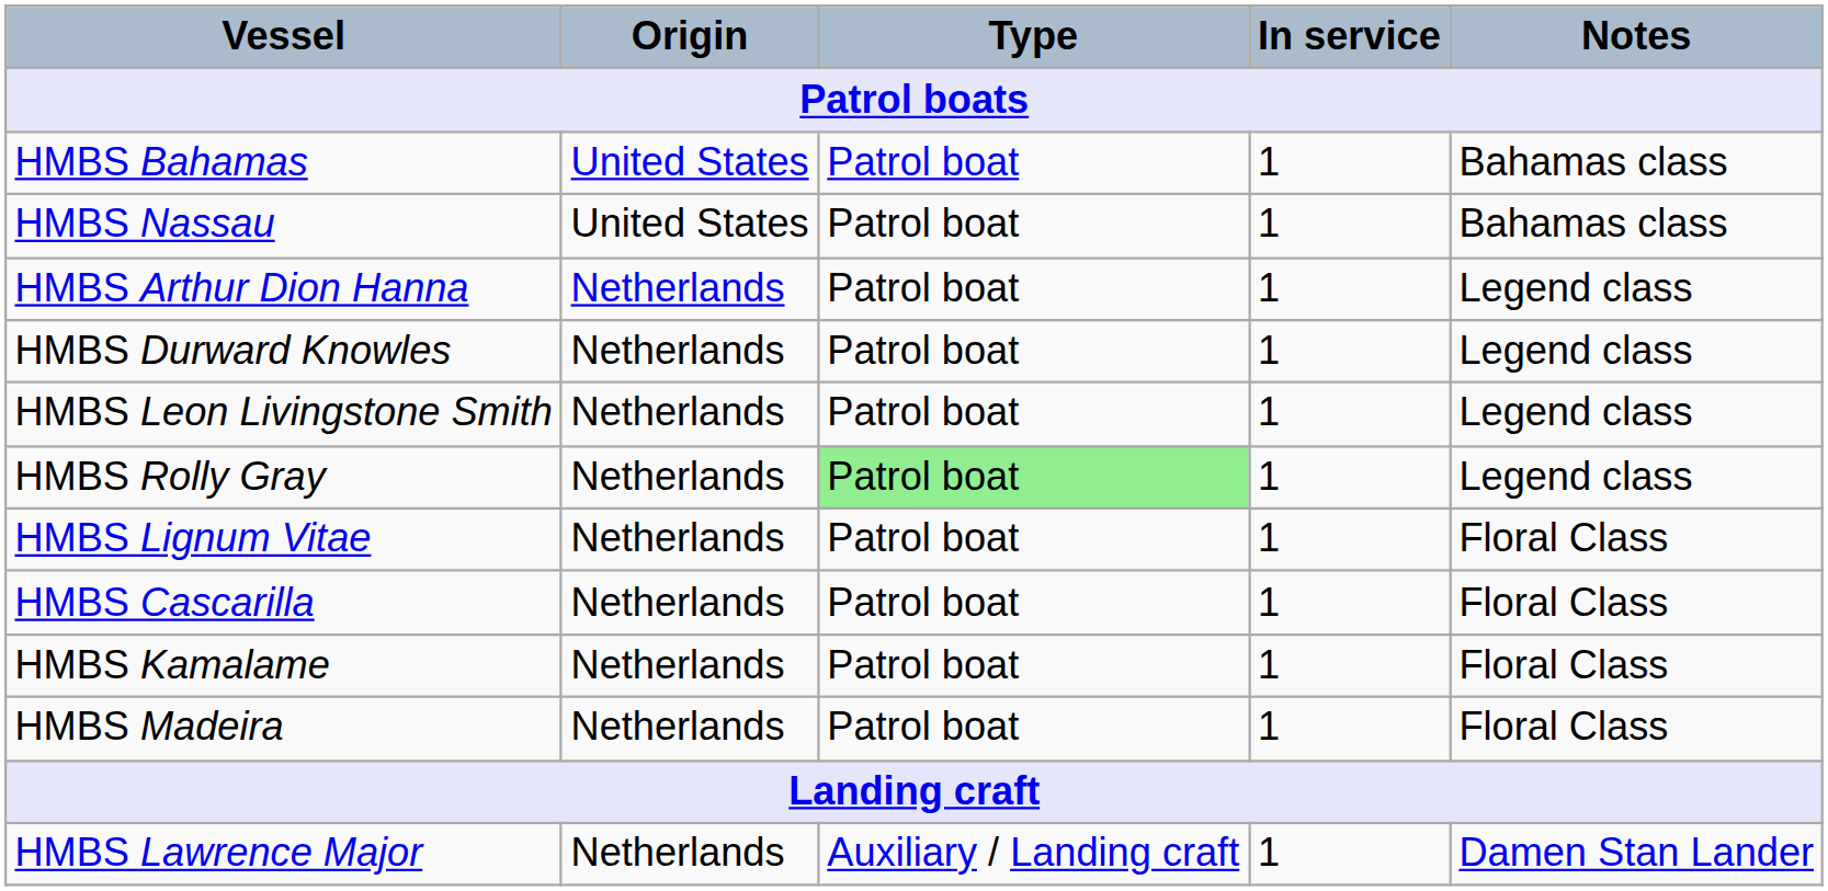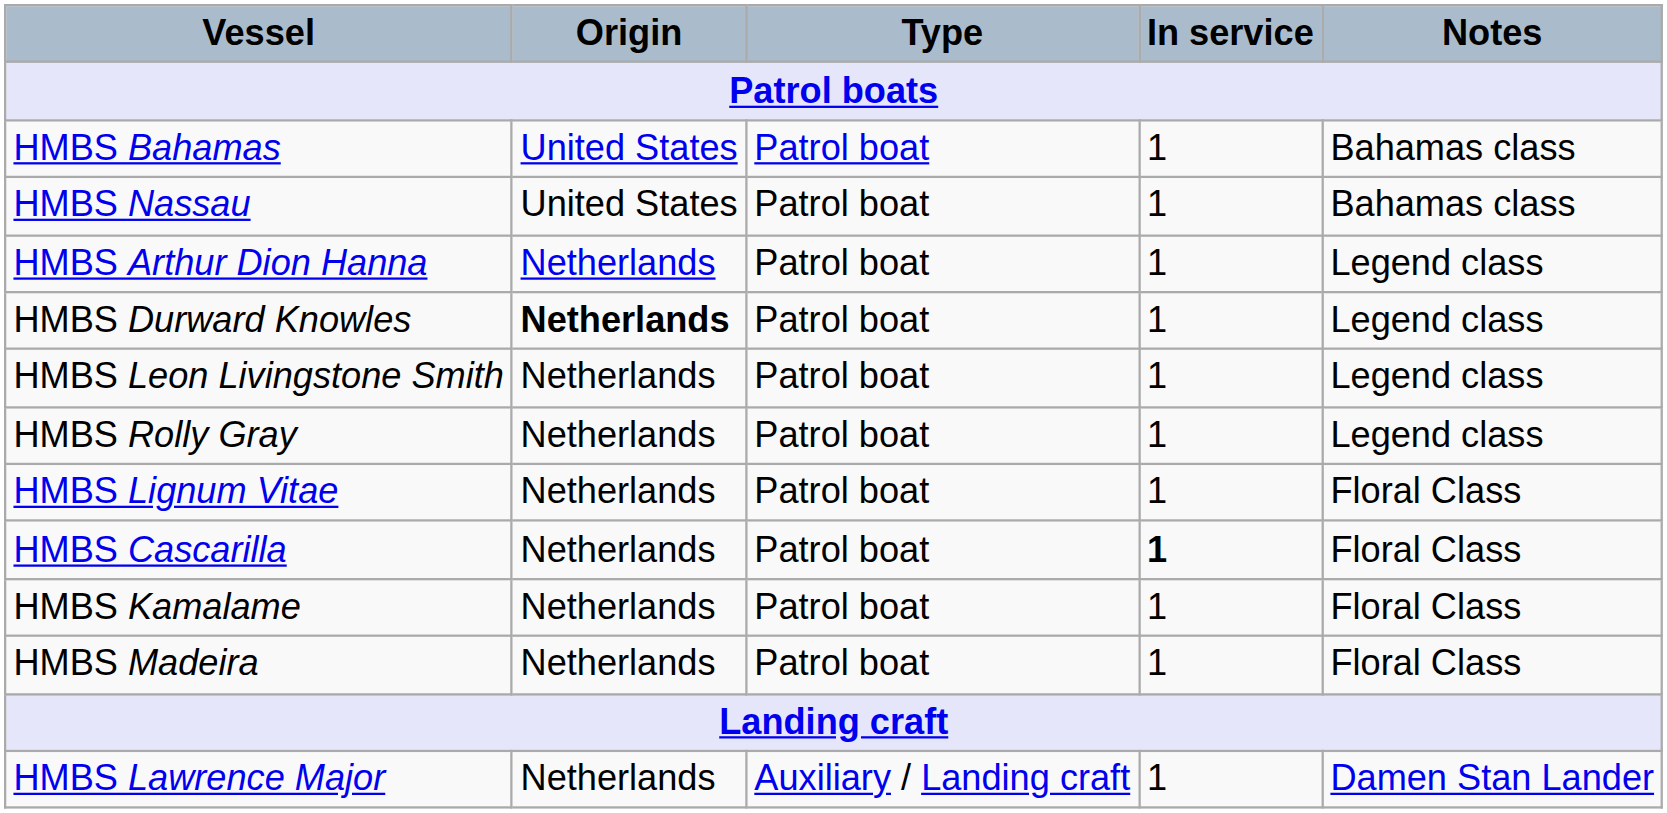 <table class="wikitable">
 <tr>
 <th style="text-align:center; background:#aabccc;">Vessel</th>
 <th style="text-align: center; background:#aabccc;">Origin</th>
 <th style="text-align:l center; background:#aabccc;">Type</th>
 <th style="text-align:l center; background:#aabccc;">In service</th>
 <th style="text-align: center; background:#aabccc;">Notes</th>
 </tr>
 <tr>
 <th colspan="6" style="background: lavender;"><a href='#'>Patrol boats</a></th>
 </tr>
 <tr>
 <td><a href='#'>HMBS <em>Bahamas</em></a></td>
 <td><a href='#'>United States</a></td>
 <td><a href='#'>Patrol boat</a></td>
 <td>1</td>
 <td>Bahamas class</td>
 </tr>
 <tr>
 <td><a href='#'>HMBS <em>Nassau</em></a></td>
 <td>United States</td>
 <td>Patrol boat</td>
 <td>1</td>
 <td>Bahamas class</td>
 </tr>
 <tr>
 <td><a href='#'>HMBS <em>Arthur Dion Hanna</em></a></td>
 <td><a href='#'>Netherlands</a></td>
 <td>Patrol boat</td>
 <td>1</td>
 <td>Legend class</td>
 </tr>
 <tr>
 <td>HMBS <em>Durward Knowles</em></td>
-<td>Netherlands</td>
+<td><strong>Netherlands</strong></td>
 <td>Patrol boat</td>
 <td>1</td>
 <td>Legend class</td>
 </tr>
 <tr>
 <td>HMBS <em>Leon Livingstone Smith</em></td>
 <td>Netherlands</td>
 <td>Patrol boat</td>
 <td>1</td>
 <td>Legend class</td>
 </tr>
 <tr>
 <td>HMBS <em>Rolly Gray</em></td>
 <td>Netherlands</td>
-<td style="background: lightgreen;">Patrol boat</td>
+<td>Patrol boat</td>
 <td>1</td>
 <td>Legend class</td>
 </tr>
 <tr>
 <td><a href='#'>HMBS <em>Lignum Vitae</em></a></td>
 <td>Netherlands</td>
 <td>Patrol boat</td>
 <td>1</td>
 <td>Floral Class</td>
 </tr>
 <tr>
 <td><a href='#'>HMBS <em>Cascarilla</em></a></td>
 <td>Netherlands</td>
 <td>Patrol boat</td>
-<td>1</td>
+<td><strong>1</strong></td>
 <td>Floral Class</td>
 </tr>
 <tr>
 <td>HMBS <em>Kamalame</em></td>
 <td>Netherlands</td>
 <td>Patrol boat</td>
 <td>1</td>
 <td>Floral Class</td>
 </tr>
 <tr>
 <td>HMBS <em>Madeira</em></td>
 <td>Netherlands</td>
 <td>Patrol boat</td>
 <td>1</td>
 <td>Floral Class</td>
 </tr>
 <tr>
 <th colspan="6" style="background: lavender;"><a href='#'>Landing craft</a></th>
 </tr>
 <tr>
 <td><a href='#'>HMBS <em>Lawrence Major</em></a></td>
 <td>Netherlands</td>
 <td><a href='#'>Auxiliary</a> / <a href='#'>Landing craft</a></td>
 <td>1</td>
 <td><a href='#'>Damen Stan Lander</a></td>
 </tr>
 </table>
